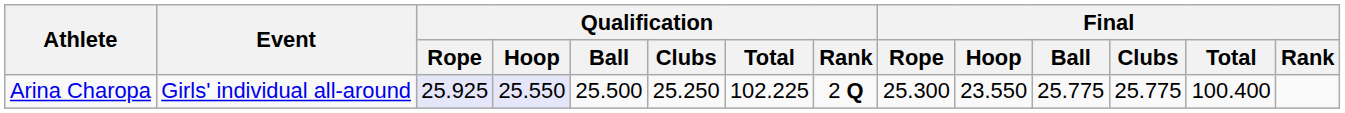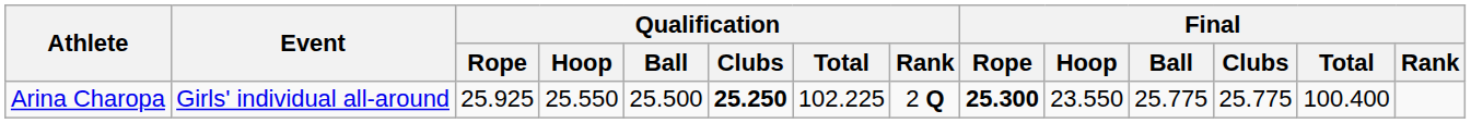 <table class="wikitable" border="1" style="font-size:90%">
 <tr>
 <th rowspan=2>Athlete</th>
 <th rowspan=2>Event</th>
 <th colspan=6>Qualification</th>
 <th colspan=6>Final</th>
 </tr>
 <tr>
 <th>Rope</th>
 <th>Hoop</th>
 <th>Ball</th>
 <th>Clubs</th>
 <th>Total</th>
 <th>Rank</th>
 <th>Rope</th>
 <th>Hoop</th>
 <th>Ball</th>
 <th>Clubs</th>
 <th>Total</th>
 <th>Rank</th>
 </tr>
 <tr>
 <td><a href='#'>Arina Charopa</a></td>
 <td><a href='#'>Girls' individual all-around</a></td>
-<td align=center style="background: lavender;">25.925</td>
-<td align=center style="background: lavender;">25.550</td>
+<td align=center>25.925</td>
+<td align=center>25.550</td>
 <td align=center>25.500</td>
-<td align=center>25.250</td>
+<td align=center><strong>25.250</strong></td>
 <td align=center>102.225</td>
 <td align=center>2 <strong>Q</strong></td>
-<td align=center>25.300</td>
+<td align=center><strong>25.300</strong></td>
 <td align=center>23.550</td>
 <td align=center>25.775</td>
 <td align=center>25.775</td>
 <td align=center>100.400</td>
 <td align=center></td>
 </tr>
 </table>
